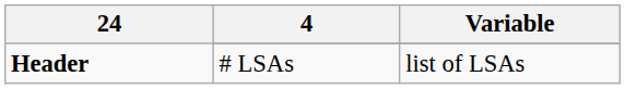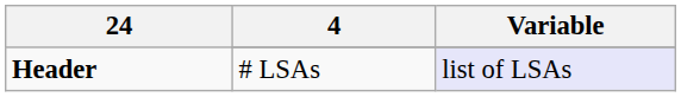 <table class="wikitable  floatright mw-collapsible mw-collapsed" style="width: 400px;">
 <tr>
 <th width="3%">24</th>
 <th width="3%">4</th>
 <th width="3%">Variable</th>
 </tr>
 <tr>
 <td rowspan="2" colspan="1"><strong>Header</strong></td>
 </tr>
 <tr>
 <td># LSAs</td>
-<td>list of LSAs</td>
+<td style="background: lavender;">list of LSAs</td>
 </tr>
 </table>
